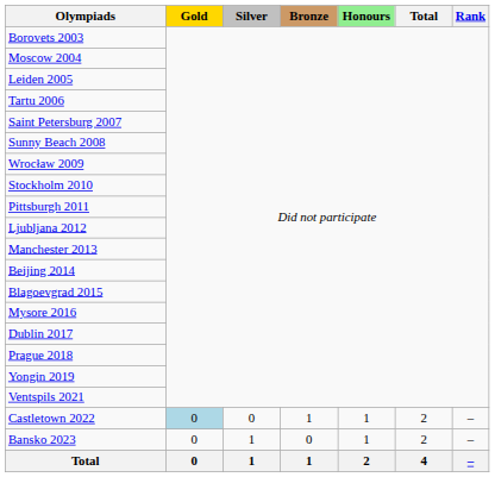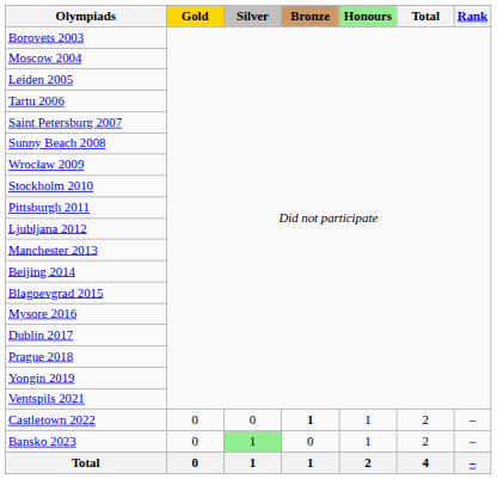 <table class="wikitable" style="text-align:center; font-size:90%;">
 <tr>
 <th style="width:12em;">Olympiads</th>
 <th style="width:4em; background:gold;">Gold</th>
 <th style="width:4em; background:silver;">Silver</th>
 <th style="width:4em; background:#cc9966;">Bronze</th>
 <th style="width:4em; background:#90EE90;">Honours</th>
 <th style="width:4em;">Total</th>
 <th style="width:2em;"><a href='#'>Rank</a></th>
 </tr>
 <tr>
 <td align=left> <a href='#'>Borovets 2003</a></td>
 <td align=center colspan=6 rowspan="18"><em>Did not participate</em></td>
 </tr>
 <tr>
 <td align=left> <a href='#'>Moscow 2004</a></td>
 </tr>
 <tr>
 <td align=left> <a href='#'>Leiden 2005</a></td>
 </tr>
 <tr>
 <td align=left> <a href='#'>Tartu 2006</a></td>
 </tr>
 <tr>
 <td align=left> <a href='#'>Saint Petersburg 2007</a></td>
 </tr>
 <tr>
 <td align=left> <a href='#'>Sunny Beach 2008</a></td>
 </tr>
 <tr>
 <td align=left> <a href='#'>Wrocław 2009</a></td>
 </tr>
 <tr>
 <td align=left> <a href='#'>Stockholm 2010</a></td>
 </tr>
 <tr>
 <td align=left> <a href='#'>Pittsburgh 2011</a></td>
 </tr>
 <tr>
 <td align=left> <a href='#'>Ljubljana 2012</a></td>
 </tr>
 <tr>
 <td align=left> <a href='#'>Manchester 2013</a></td>
 </tr>
 <tr>
 <td align=left> <a href='#'>Beijing 2014</a></td>
 </tr>
 <tr>
 <td align=left> <a href='#'>Blagoevgrad 2015</a></td>
 </tr>
 <tr>
 <td align=left> <a href='#'>Mysore 2016</a></td>
 </tr>
 <tr>
 <td align=left> <a href='#'>Dublin 2017</a></td>
 </tr>
 <tr>
 <td align=left> <a href='#'>Prague 2018</a></td>
 </tr>
 <tr>
 <td align=left> <a href='#'>Yongin 2019</a></td>
 </tr>
 <tr>
 <td align=left> <a href='#'>Ventspils 2021</a></td>
 </tr>
 <tr>
 <td align=left> <a href='#'>Castletown 2022</a></td>
-<td align=center style="background: lightblue;">0</td>
+<td align=center>0</td>
 <td>0</td>
-<td>1</td>
+<td><strong>1</strong></td>
 <td>1</td>
 <td>2</td>
 <td>–</td>
 </tr>
 <tr>
 <td align=left> <a href='#'>Bansko 2023</a></td>
 <td align=center>0</td>
-<td>1</td>
+<td style="background: lightgreen;">1</td>
 <td>0</td>
 <td>1</td>
 <td>2</td>
 <td>–</td>
 </tr>
 <tr>
 <th colspan=1>Total</th>
 <th>0</th>
 <th>1</th>
 <th>1</th>
 <th>2</th>
 <th>4</th>
 <th><a href='#'>–</a></th>
 </tr>
 </table>
